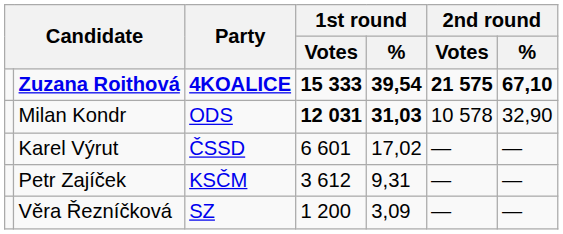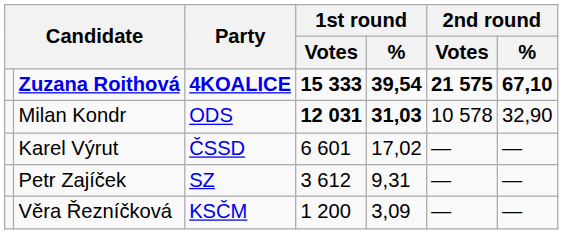 <table class="wikitable sortable">
 <tr>
 <th colspan="2" rowspan="2">Candidate</th>
 <th rowspan="2">Party</th>
 <th colspan="2">1st round</th>
 <th colspan="2">2nd round</th>
 </tr>
 <tr>
 <th>Votes</th>
 <th>%</th>
 <th>Votes</th>
 <th>%</th>
 </tr>
 <tr>
 <td style="background-color:"></td>
 <td><strong><a href='#'>Zuzana Roithová</a></strong></td>
 <td><a href='#'><strong>4KOALICE</strong></a></td>
 <td><strong>15 333</strong></td>
 <td><strong>39,54</strong></td>
 <td><strong>21 575</strong></td>
 <td><strong>67,10</strong></td>
 </tr>
 <tr>
 <td style="background-color:"></td>
 <td>Milan Kondr</td>
 <td><a href='#'>ODS</a></td>
 <td><strong>12 031</strong></td>
 <td><strong>31,03</strong></td>
 <td>10 578</td>
 <td>32,90</td>
 </tr>
 <tr>
 <td style="background-color:"></td>
 <td>Karel Výrut</td>
 <td><a href='#'>ČSSD</a></td>
 <td>6 601</td>
 <td>17,02</td>
 <td>—</td>
 <td>—</td>
 </tr>
 <tr>
 <td style="background-color:"></td>
 <td>Petr Zajíček</td>
-<td><a href='#'>KSČM</a></td>
+<td><a href='#'>SZ</a></td>
 <td>3 612</td>
 <td>9,31</td>
 <td>—</td>
 <td>—</td>
 </tr>
 <tr>
 <td style="background-color:"></td>
 <td>Věra Řezníčková</td>
-<td><a href='#'>SZ</a></td>
+<td><a href='#'>KSČM</a></td>
 <td>1 200</td>
 <td>3,09</td>
 <td>—</td>
 <td>—</td>
 </tr>
 </table>
